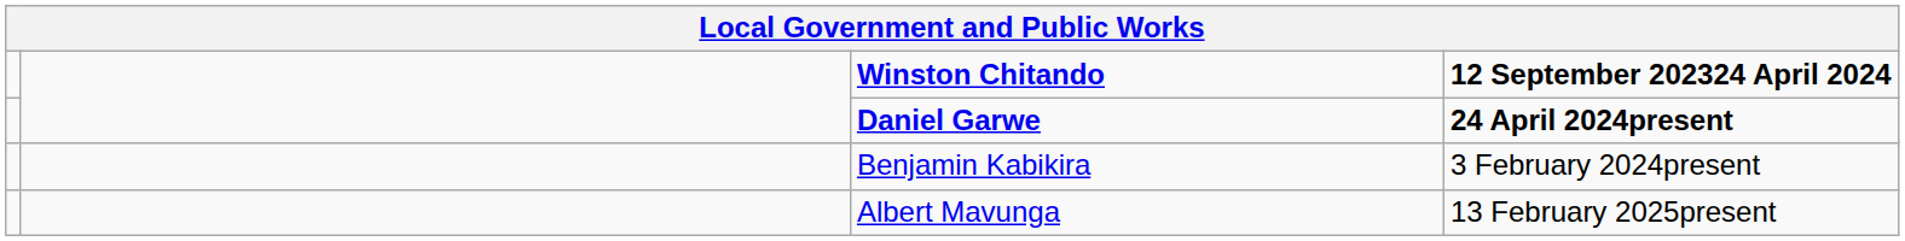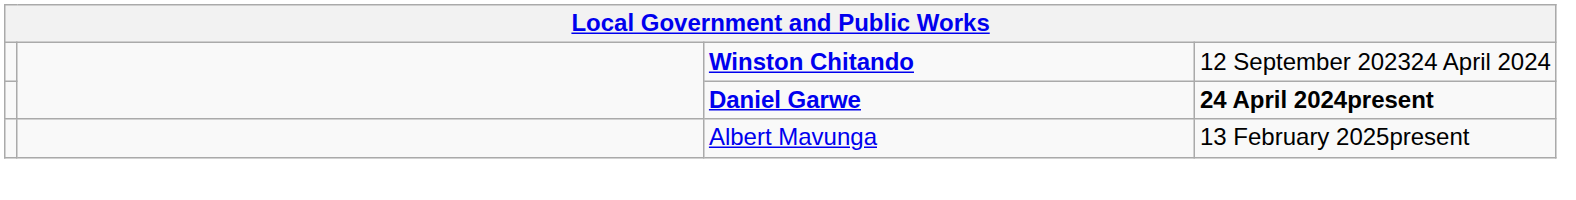 <table class="wikitable">
 <tr>
 <th colspan="4"><a href='#'>Local Government and Public Works</a></th>
 </tr>
 <tr>
 <td style="width: 1px; background: "></td>
 <td rowspan="2" style="width: 450px;"></td>
 <td style="width: 320px;"> <strong><a href='#'>Winston Chitando</a></strong></td>
-<td><strong>12 September 202324 April 2024</strong></td>
+<td>12 September 202324 April 2024</td>
 </tr>
 <tr>
 <td style="width: 1px; background: "></td>
 <td style="width: 320px;"> <strong><a href='#'>Daniel Garwe</a></strong></td>
 <td><strong>24 April 2024present</strong></td>
 </tr>
 <tr>
 <td style="width: 1px; background: "></td>
 <td style="width: 450px;"></td>
-<td style="width: 320px;"> <a href='#'>Benjamin Kabikira</a></td>
-<td>3 February 2024present</td>
-</tr>
-<tr>
-<td style="width: 1px; background: "></td>
-<td style="width: 450px;"></td>
 <td style="width: 320px;"> <a href='#'>Albert Mavunga</a></td>
 <td>13 February 2025present</td>
 </tr>
 </table>
